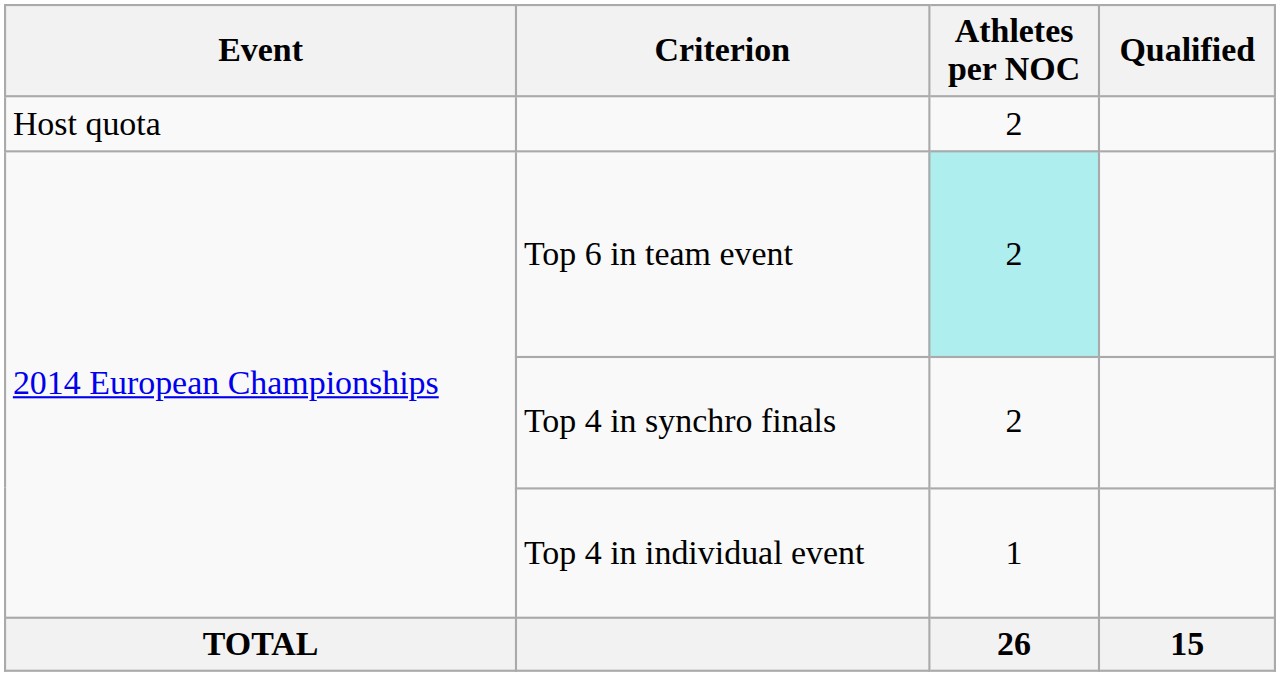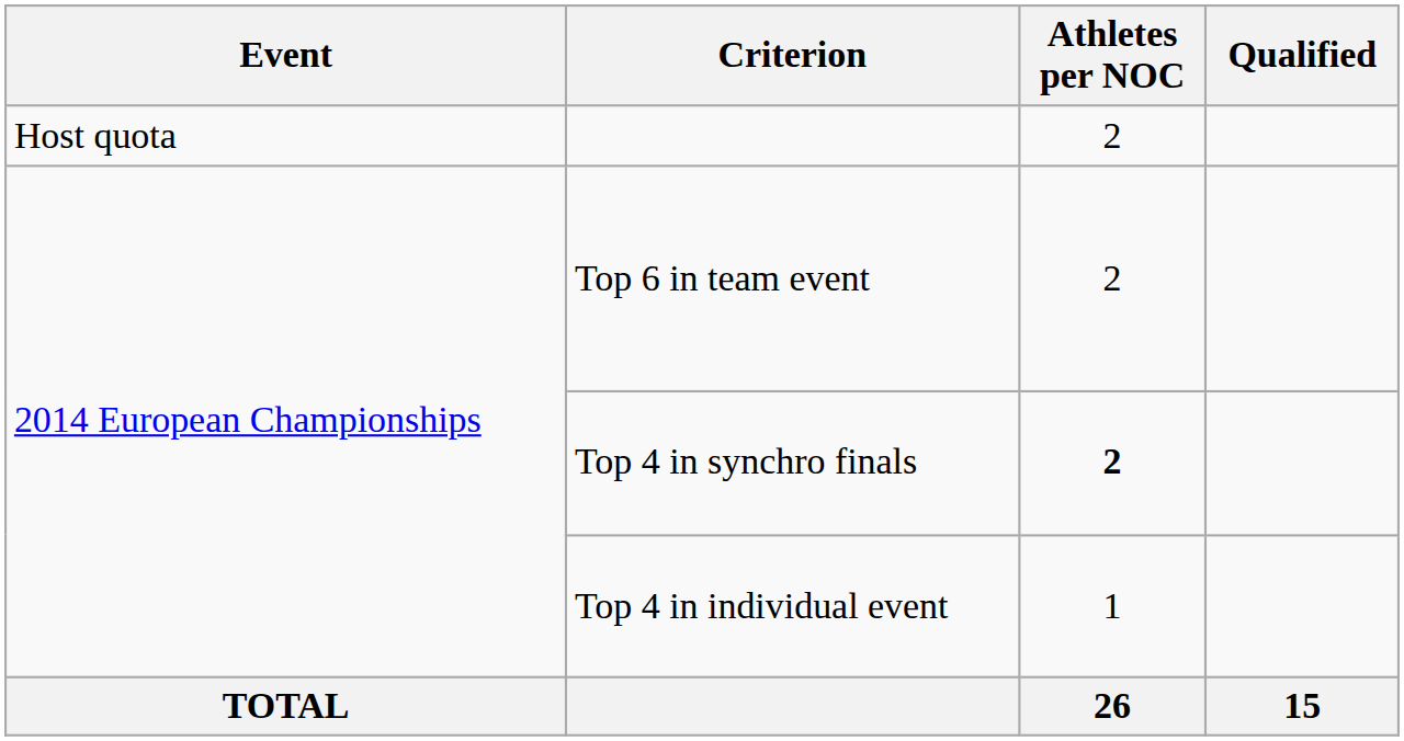 <table class="wikitable" width=600>
 <tr>
 <th>Event</th>
 <th>Criterion</th>
 <th>Athletes<br>per NOC</th>
 <th>Qualified</th>
 </tr>
 <tr>
 <td>Host quota</td>
 <td></td>
 <td align=center>2</td>
 <td></td>
 </tr>
 <tr>
 <td rowspan=3><a href='#'>2014 European Championships</a></td>
 <td>Top 6 in team event</td>
-<td align=center style="background: paleturquoise;">2</td>
+<td align=center>2</td>
 <td><br><br><br><br><br></td>
 </tr>
 <tr>
 <td>Top 4 in synchro finals</td>
-<td align=center>2</td>
+<td align=center><strong>2</strong></td>
 <td><br><br><br></td>
 </tr>
 <tr>
 <td>Top 4 in individual event</td>
 <td align=center>1</td>
 <td><br><br><br></td>
 </tr>
 <tr>
 <th colspan="1">TOTAL</th>
 <th></th>
 <th>26</th>
 <th>15</th>
 </tr>
 </table>
